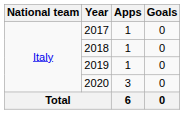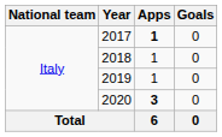 <table class="wikitable" style="text-align:center">
 <tr>
 <th>National team</th>
 <th>Year</th>
 <th>Apps</th>
 <th>Goals</th>
 </tr>
 <tr>
 <td rowspan="4"><a href='#'>Italy</a></td>
 <td>2017</td>
-<td>1</td>
+<td><strong>1</strong></td>
 <td>0</td>
 </tr>
 <tr>
 <td>2018</td>
 <td>1</td>
 <td>0</td>
 </tr>
 <tr>
 <td>2019</td>
 <td>1</td>
 <td>0</td>
 </tr>
 <tr>
 <td>2020</td>
-<td>3</td>
+<td><strong>3</strong></td>
 <td>0</td>
 </tr>
 <tr>
 <th colspan="2">Total</th>
 <th>6</th>
 <th>0</th>
 </tr>
 </table>
